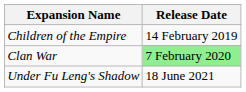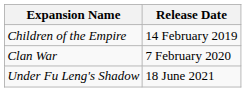 <table class="wikitable">
 <tr>
 <th>Expansion Name</th>
 <th>Release Date</th>
 </tr>
 <tr>
 <td><em>Children of the Empire</em></td>
 <td>14 February 2019</td>
 </tr>
 <tr>
 <td><em>Clan War</em></td>
-<td style="background: lightgreen;">7 February 2020</td>
+<td>7 February 2020</td>
 </tr>
 <tr>
 <td><em>Under Fu Leng's Shadow</em></td>
 <td>18 June 2021</td>
 </tr>
 </table>
